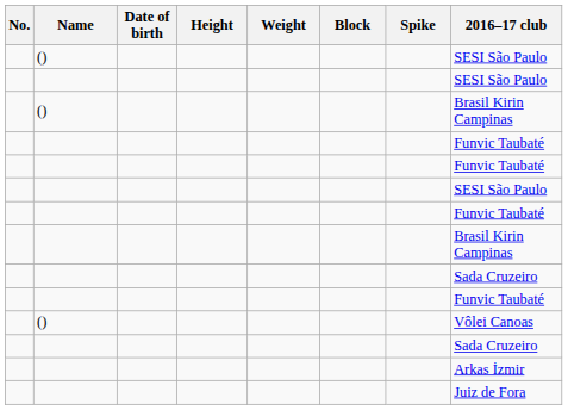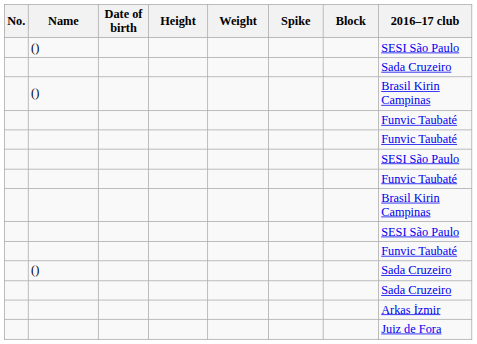 <table class="wikitable sortable" style="font-size:100%; text-align:center;">
 <tr>
 <th>No.</th>
 <th style="width:14em">Name</th>
 <th style="width:8em">Date of birth</th>
 <th style="width:9em">Height</th>
 <th style="width:9em">Weight</th>
+<th style="width:9em">Spike</th>
 <th style="width:9em">Block</th>
-<th style="width:9em">Spike</th>
 <th style="width:17em">2016–17 club</th>
 </tr>
 <tr>
 <td></td>
 <td style="text-align:left;"> ()</td>
 <td style="text-align:right;"></td>
 <td></td>
 <td></td>
 <td></td>
 <td></td>
 <td style="text-align:left;"> <a href='#'>SESI São Paulo</a></td>
 </tr>
 <tr>
 <td></td>
 <td style="text-align:left;"></td>
 <td style="text-align:right;"></td>
 <td></td>
 <td></td>
 <td></td>
 <td></td>
-<td style="text-align:left;"> <a href='#'>SESI São Paulo</a></td>
+<td style="text-align:left;"> <a href='#'>Sada Cruzeiro</a></td>
 </tr>
 <tr>
 <td></td>
 <td style="text-align:left;"> ()</td>
 <td style="text-align:right;"></td>
 <td></td>
 <td></td>
 <td></td>
 <td></td>
 <td style="text-align:left;"> <a href='#'>Brasil Kirin Campinas</a></td>
 </tr>
 <tr>
 <td></td>
 <td style="text-align:left;"></td>
 <td style="text-align:right;"></td>
 <td></td>
 <td></td>
 <td></td>
 <td></td>
 <td style="text-align:left;"> <a href='#'>Funvic Taubaté</a></td>
 </tr>
 <tr>
 <td></td>
 <td style="text-align:left;"></td>
 <td style="text-align:right;"></td>
 <td></td>
 <td></td>
 <td></td>
 <td></td>
 <td style="text-align:left;"> <a href='#'>Funvic Taubaté</a></td>
 </tr>
 <tr>
 <td></td>
 <td style="text-align:left;"></td>
 <td style="text-align:right;"></td>
 <td></td>
 <td></td>
 <td></td>
 <td></td>
 <td style="text-align:left;"> <a href='#'>SESI São Paulo</a></td>
 </tr>
 <tr>
 <td></td>
 <td style="text-align:left;"></td>
 <td style="text-align:right;"></td>
 <td></td>
 <td></td>
 <td></td>
 <td></td>
 <td style="text-align:left;"> <a href='#'>Funvic Taubaté</a></td>
 </tr>
 <tr>
 <td></td>
 <td style="text-align:left;"></td>
 <td style="text-align:right;"></td>
 <td></td>
 <td></td>
 <td></td>
 <td></td>
 <td style="text-align:left;"> <a href='#'>Brasil Kirin Campinas</a></td>
 </tr>
 <tr>
 <td></td>
 <td style="text-align:left;"></td>
 <td style="text-align:right;"></td>
 <td></td>
 <td></td>
 <td></td>
 <td></td>
-<td style="text-align:left;"> <a href='#'>Sada Cruzeiro</a></td>
+<td style="text-align:left;"> <a href='#'>SESI São Paulo</a></td>
 </tr>
 <tr>
 <td></td>
 <td style="text-align:left;"></td>
 <td style="text-align:right;"></td>
 <td></td>
 <td></td>
 <td></td>
 <td></td>
 <td style="text-align:left;"> <a href='#'>Funvic Taubaté</a></td>
 </tr>
 <tr>
 <td></td>
 <td style="text-align:left;"> ()</td>
 <td style="text-align:right;"></td>
 <td></td>
 <td></td>
 <td></td>
 <td></td>
-<td style="text-align:left;"> <a href='#'>Vôlei Canoas</a></td>
+<td style="text-align:left;"> <a href='#'>Sada Cruzeiro</a></td>
 </tr>
 <tr>
 <td></td>
 <td style="text-align:left;"></td>
 <td style="text-align:right;"></td>
 <td></td>
 <td></td>
 <td></td>
 <td></td>
 <td style="text-align:left;"> <a href='#'>Sada Cruzeiro</a></td>
 </tr>
 <tr>
 <td></td>
 <td style="text-align:left;"></td>
 <td style="text-align:right;"></td>
 <td></td>
 <td></td>
 <td></td>
 <td></td>
 <td style="text-align:left;"> <a href='#'>Arkas İzmir</a></td>
 </tr>
 <tr>
 <td></td>
 <td style="text-align:left;"></td>
 <td style="text-align:right;"></td>
 <td></td>
 <td></td>
 <td></td>
 <td></td>
 <td style="text-align:left;"> <a href='#'>Juiz de Fora</a></td>
 </tr>
 </table>
